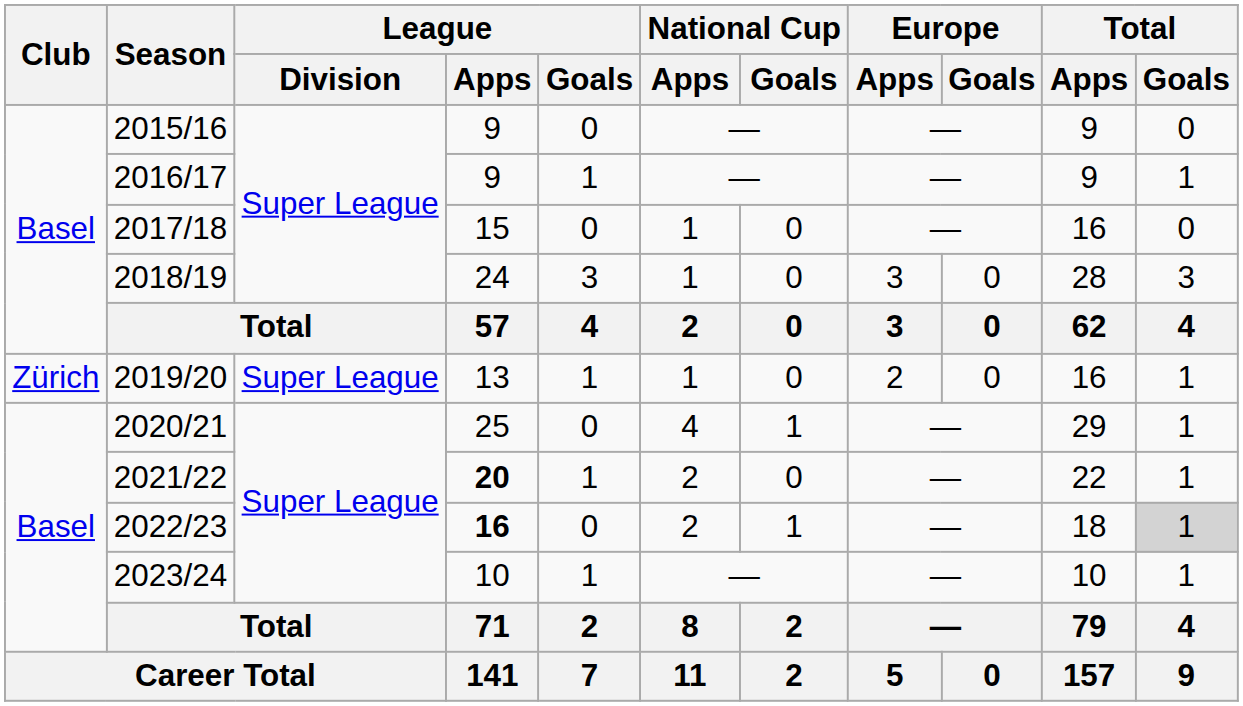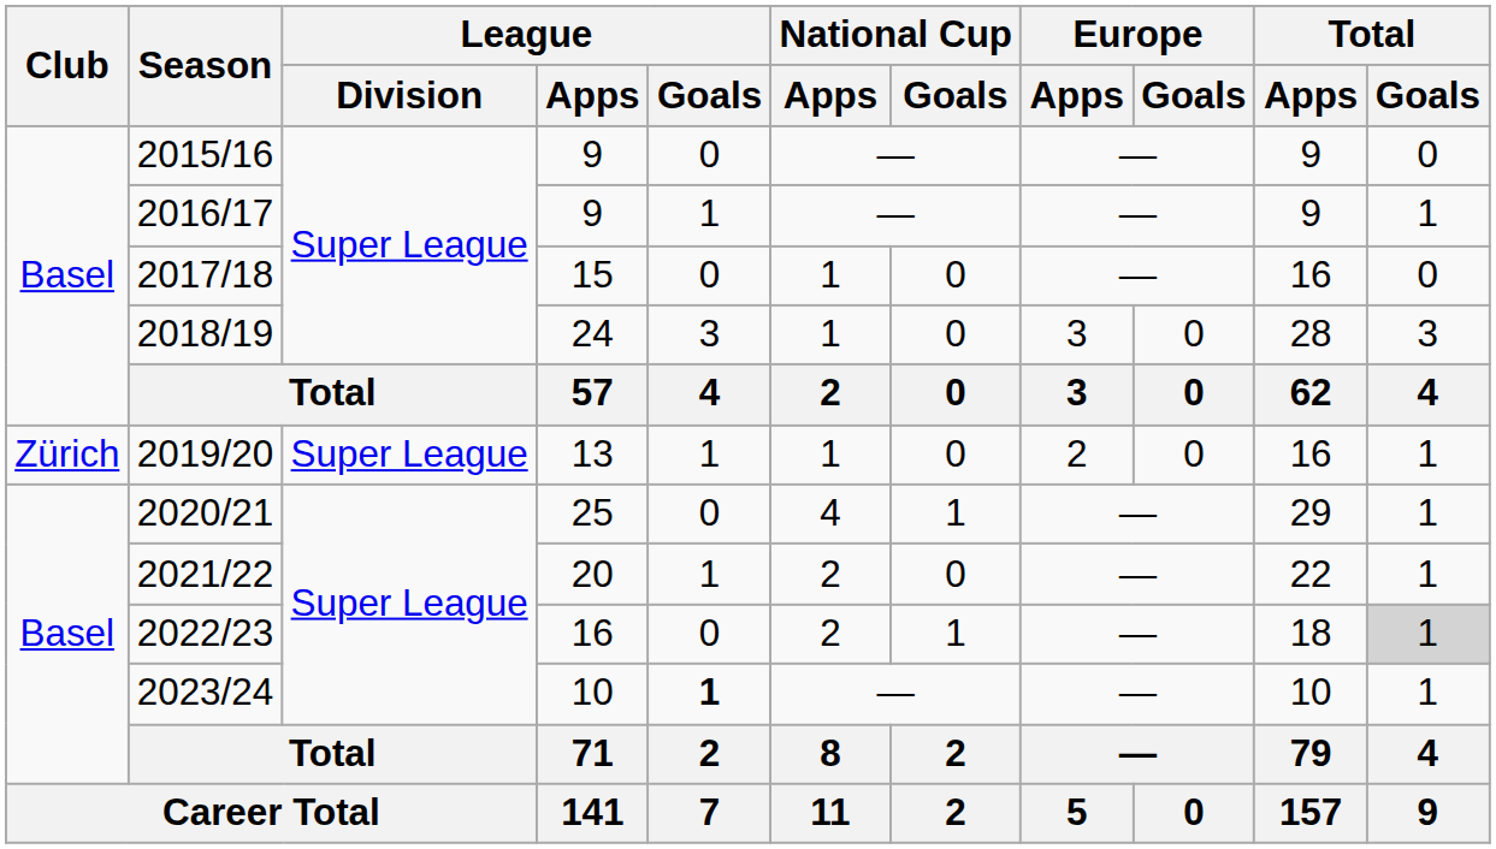 <table class="wikitable" style="text-align:center">
 <tr>
 <th rowspan="2">Club</th>
 <th rowspan="2">Season</th>
 <th colspan="3">League</th>
 <th colspan="2">National Cup</th>
 <th colspan="2">Europe</th>
 <th colspan="2">Total</th>
 </tr>
 <tr>
 <th>Division</th>
 <th>Apps</th>
 <th>Goals</th>
 <th>Apps</th>
 <th>Goals</th>
 <th>Apps</th>
 <th>Goals</th>
 <th>Apps</th>
 <th>Goals</th>
 </tr>
 <tr>
 <td rowspan="5"><a href='#'>Basel</a></td>
 <td>2015/16</td>
 <td rowspan="4"><a href='#'>Super League</a></td>
 <td>9</td>
 <td>0</td>
 <td colspan="2">—</td>
 <td colspan="2">—</td>
 <td>9</td>
 <td>0</td>
 </tr>
 <tr>
 <td>2016/17</td>
 <td>9</td>
 <td>1</td>
 <td colspan="2">—</td>
 <td colspan="2">—</td>
 <td>9</td>
 <td>1</td>
 </tr>
 <tr>
 <td>2017/18</td>
 <td>15</td>
 <td>0</td>
 <td>1</td>
 <td>0</td>
 <td colspan="2">—</td>
 <td>16</td>
 <td>0</td>
 </tr>
 <tr>
 <td>2018/19</td>
 <td>24</td>
 <td>3</td>
 <td>1</td>
 <td>0</td>
 <td>3</td>
 <td>0</td>
 <td>28</td>
 <td>3</td>
 </tr>
 <tr>
 <th colspan="2">Total</th>
 <th>57</th>
 <th>4</th>
 <th>2</th>
 <th>0</th>
 <th>3</th>
 <th>0</th>
 <th>62</th>
 <th>4</th>
 </tr>
 <tr>
 <td><a href='#'>Zürich</a></td>
 <td>2019/20</td>
 <td><a href='#'>Super League</a></td>
 <td>13</td>
 <td>1</td>
 <td>1</td>
 <td>0</td>
 <td>2</td>
 <td>0</td>
 <td>16</td>
 <td>1</td>
 </tr>
 <tr>
 <td rowspan="5"><a href='#'>Basel</a></td>
 <td>2020/21</td>
 <td rowspan="4"><a href='#'>Super League</a></td>
 <td>25</td>
 <td>0</td>
 <td>4</td>
 <td>1</td>
 <td colspan="2">—</td>
 <td>29</td>
 <td>1</td>
 </tr>
 <tr>
 <td>2021/22</td>
-<td><strong>20</strong></td>
+<td>20</td>
 <td>1</td>
 <td>2</td>
 <td>0</td>
 <td colspan="2">—</td>
 <td>22</td>
 <td>1</td>
 </tr>
 <tr>
 <td>2022/23</td>
-<td><strong>16</strong></td>
+<td>16</td>
 <td>0</td>
 <td>2</td>
 <td>1</td>
 <td colspan="2">—</td>
 <td>18</td>
 <td style="background: lightgrey;">1</td>
 </tr>
 <tr>
 <td>2023/24</td>
 <td>10</td>
-<td>1</td>
+<td><strong>1</strong></td>
 <td colspan="2">—</td>
 <td colspan="2">—</td>
 <td>10</td>
 <td>1</td>
 </tr>
 <tr>
 <th colspan="2">Total</th>
 <th>71</th>
 <th>2</th>
 <th>8</th>
 <th>2</th>
 <th colspan="2">—</th>
 <th>79</th>
 <th>4</th>
 </tr>
 <tr>
 <th colspan="3"><strong>Career Total</strong></th>
 <th>141</th>
 <th>7</th>
 <th>11</th>
 <th>2</th>
 <th>5</th>
 <th>0</th>
 <th>157</th>
 <th>9</th>
 </tr>
 </table>
